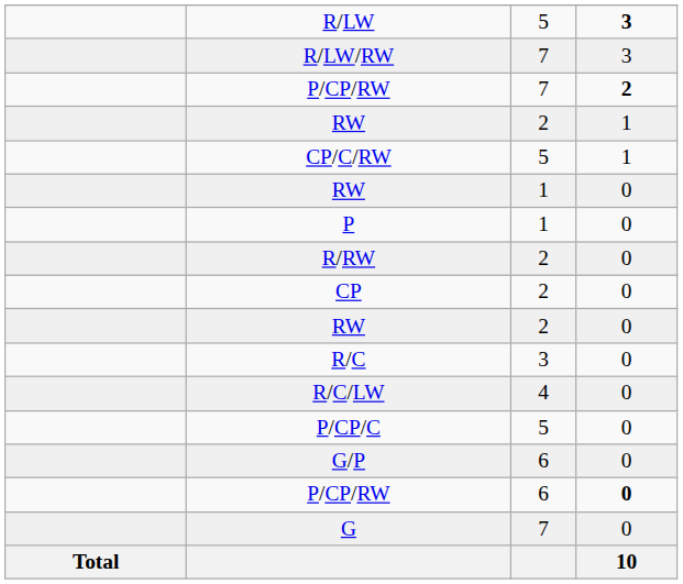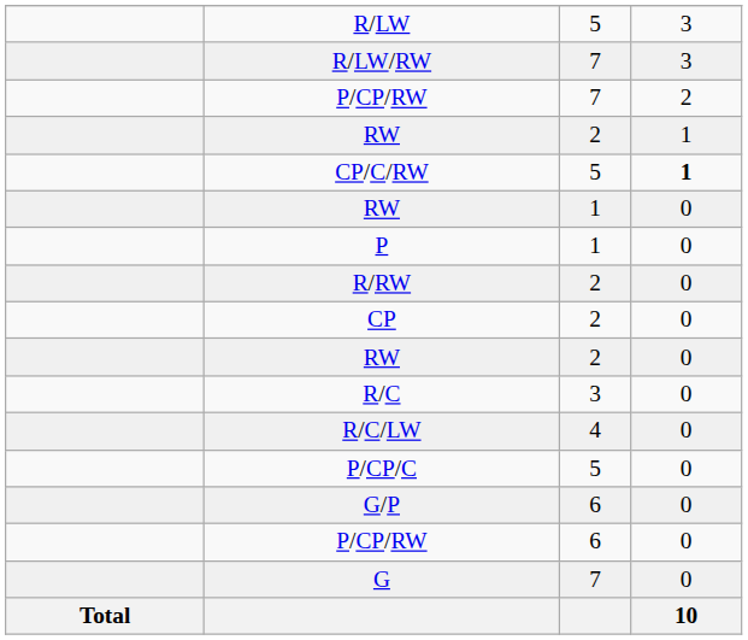 <table class="wikitable sortable" width ="40%">
 <tr align="center">
 </tr>
 <tr align="center" bgcolor="">
 <td></td>
 <td><a href='#'>R</a>/<a href='#'>LW</a></td>
 <td>5</td>
-<td><strong>3</strong></td>
+<td>3</td>
 </tr>
 <tr align="center" bgcolor="f0f0f0">
 <td></td>
 <td><a href='#'>R</a>/<a href='#'>LW</a>/<a href='#'>RW</a></td>
 <td>7</td>
 <td>3</td>
 </tr>
 <tr align="center" bgcolor="">
 <td></td>
 <td><a href='#'>P</a>/<a href='#'>CP</a>/<a href='#'>RW</a></td>
 <td>7</td>
-<td><strong>2</strong></td>
+<td>2</td>
 </tr>
 <tr align="center" bgcolor="f0f0f0">
 <td></td>
 <td><a href='#'>RW</a></td>
 <td>2</td>
 <td>1</td>
 </tr>
 <tr align="center" bgcolor="">
 <td></td>
 <td><a href='#'>CP</a>/<a href='#'>C</a>/<a href='#'>RW</a></td>
 <td>5</td>
-<td>1</td>
+<td><strong>1</strong></td>
 </tr>
 <tr align="center" bgcolor="f0f0f0">
 <td></td>
 <td><a href='#'>RW</a></td>
 <td>1</td>
 <td>0</td>
 </tr>
 <tr align="center" bgcolor="">
 <td></td>
 <td><a href='#'>P</a></td>
 <td>1</td>
 <td>0</td>
 </tr>
 <tr align="center" bgcolor="f0f0f0">
 <td></td>
 <td><a href='#'>R</a>/<a href='#'>RW</a></td>
 <td>2</td>
 <td>0</td>
 </tr>
 <tr align="center" bgcolor="">
 <td></td>
 <td><a href='#'>CP</a></td>
 <td>2</td>
 <td>0</td>
 </tr>
 <tr align="center" bgcolor="f0f0f0">
 <td></td>
 <td><a href='#'>RW</a></td>
 <td>2</td>
 <td>0</td>
 </tr>
 <tr align="center" bgcolor="">
 <td></td>
 <td><a href='#'>R</a>/<a href='#'>C</a></td>
 <td>3</td>
 <td>0</td>
 </tr>
 <tr align="center" bgcolor="f0f0f0">
 <td></td>
 <td><a href='#'>R</a>/<a href='#'>C</a>/<a href='#'>LW</a></td>
 <td>4</td>
 <td>0</td>
 </tr>
 <tr align="center" bgcolor="">
 <td></td>
 <td><a href='#'>P</a>/<a href='#'>CP</a>/<a href='#'>C</a></td>
 <td>5</td>
 <td>0</td>
 </tr>
 <tr align="center" bgcolor="f0f0f0">
 <td></td>
 <td><a href='#'>G</a>/<a href='#'>P</a></td>
 <td>6</td>
 <td>0</td>
 </tr>
 <tr align="center" bgcolor="">
 <td></td>
 <td><a href='#'>P</a>/<a href='#'>CP</a>/<a href='#'>RW</a></td>
 <td>6</td>
-<td><strong>0</strong></td>
+<td>0</td>
 </tr>
 <tr align="center" bgcolor="f0f0f0">
 <td></td>
 <td><a href='#'>G</a></td>
 <td>7</td>
 <td>0</td>
 </tr>
 <tr>
 <th>Total</th>
 <th></th>
 <th></th>
 <th>10</th>
 </tr>
 </table>
